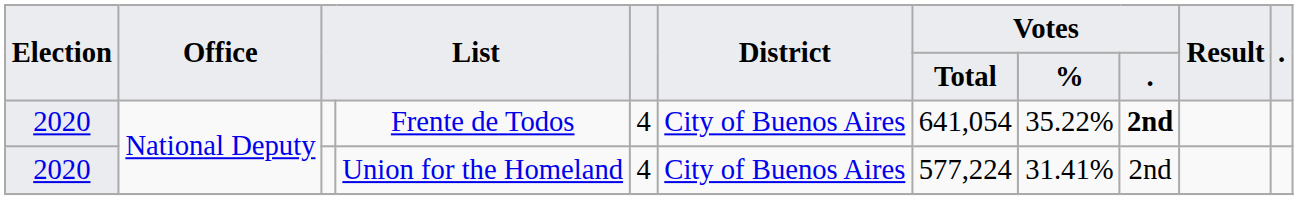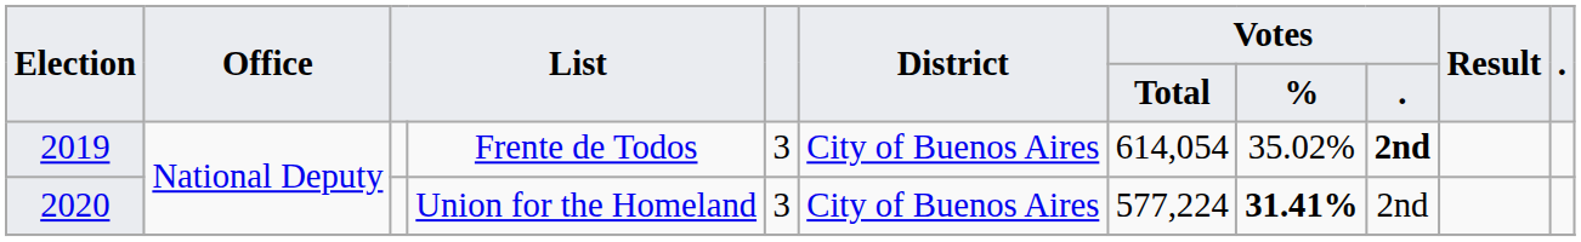 <table class="wikitable" style="font-size:90%; text-align:center;">
 <tr>
 <th style="background-color:#EAECF0;" rowspan=2>Election</th>
 <th style="background-color:#EAECF0;" rowspan=2>Office</th>
 <th style="background-color:#EAECF0;" colspan=2 rowspan=2>List</th>
 <th style="background-color:#EAECF0;" rowspan=2></th>
 <th style="background-color:#EAECF0;" rowspan=2>District</th>
 <th style="background-color:#EAECF0;" colspan=3>Votes</th>
 <th style="background-color:#EAECF0;" rowspan=2>Result</th>
 <th style="background-color:#EAECF0;" rowspan=2>.</th>
 </tr>
 <tr>
 <th style="background-color:#EAECF0;">Total</th>
 <th style="background-color:#EAECF0;">%</th>
 <th style="background-color:#EAECF0;">.</th>
 </tr>
 <tr>
-<td style="background-color:#EAECF0;"><a href='#'>2020</a></td>
+<td style="background-color:#EAECF0;"><a href='#'>2019</a></td>
 <td rowspan="2"><a href='#'>National Deputy</a></td>
 <td style="background-color:"></td>
 <td><a href='#'>Frente de Todos</a></td>
-<td>4</td>
+<td>3</td>
 <td><a href='#'>City of Buenos Aires</a></td>
-<td>641,054</td>
-<td>35.22%</td>
+<td>614,054</td>
+<td>35.02%</td>
 <td><strong>2nd</strong></td>
 <td></td>
 <td></td>
 </tr>
 <tr>
 <td style="background-color:#EAECF0;"><a href='#'>2020</a></td>
 <td style="background-color:"></td>
 <td><a href='#'>Union for the Homeland</a></td>
-<td>4</td>
+<td>3</td>
 <td><a href='#'>City of Buenos Aires</a></td>
 <td>577,224</td>
-<td>31.41%</td>
+<td><strong>31.41%</strong></td>
 <td>2nd</td>
 <td></td>
 <td></td>
 </tr>
 <tr>
 </tr>
 </table>
